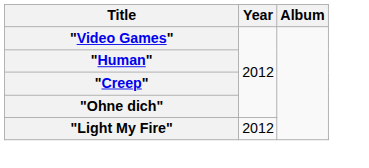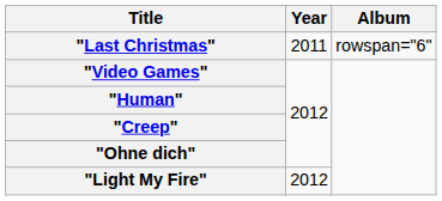 <table class="wikitable plainrowheaders" style="text-align:center;">
 <tr>
 <th scope="col" style="width:16em;">Title</th>
 <th scope="col" style="width:1em;">Year</th>
 <th scope="col">Album</th>
+</tr>
+<tr>
+<th scope="row">"<a href='#'>Last Christmas</a>"</th>
+<td>2011</td>
+<td>rowspan="6" </td>
 </tr>
 <tr>
 <th scope="row">"<a href='#'>Video Games</a>"</th>
 <td rowspan="4">2012</td>
 </tr>
 <tr>
 <th scope="row">"<a href='#'>Human</a>"</th>
 </tr>
 <tr>
 <th scope="row">"<a href='#'>Creep</a>"</th>
 </tr>
 <tr>
 <th scope="row">"Ohne dich"</th>
 </tr>
 <tr>
 <th scope="row">"Light My Fire"</th>
 <td>2012</td>
 </tr>
 </table>
